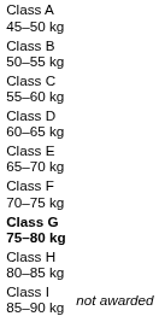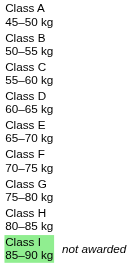 <table>
 <tr>
 <td rowspan=2>Class A<br>45–50 kg</td>
 <td rowspan=2></td>
 <td rowspan=2></td>
 <td></td>
 </tr>
 <tr>
 <td></td>
 </tr>
 <tr>
 <td rowspan=2>Class B<br>50–55 kg</td>
 <td rowspan=2></td>
 <td rowspan=2></td>
 <td></td>
 </tr>
 <tr>
 <td></td>
 </tr>
 <tr>
 <td rowspan=2>Class C<br>55–60 kg</td>
 <td rowspan=2></td>
 <td rowspan=2></td>
 <td></td>
 </tr>
 <tr>
 <td></td>
 </tr>
 <tr>
 <td rowspan=2>Class D<br>60–65 kg</td>
 <td rowspan=2></td>
 <td rowspan=2></td>
 <td></td>
 </tr>
 <tr>
 <td></td>
 </tr>
 <tr>
 <td rowspan=2>Class E<br>65–70 kg</td>
 <td rowspan=2></td>
 <td rowspan=2></td>
 <td></td>
 </tr>
 <tr>
 <td></td>
 </tr>
 <tr>
 <td rowspan=2>Class F<br>70–75 kg</td>
 <td rowspan=2></td>
 <td rowspan=2></td>
 <td></td>
 </tr>
 <tr>
 <td></td>
 </tr>
 <tr>
-<td><strong>Class G<br>75–80 kg</strong></td>
+<td>Class G<br>75–80 kg</td>
 <td></td>
 <td></td>
 <td></td>
 </tr>
 <tr>
 <td rowspan=2>Class H<br>80–85 kg</td>
 <td rowspan=2></td>
 <td rowspan=2></td>
 <td></td>
 </tr>
 <tr>
 <td></td>
 </tr>
 <tr>
-<td>Class I<br>85–90 kg</td>
+<td style="background: lightgreen;">Class I<br>85–90 kg</td>
 <td></td>
 <td></td>
 <td><em>not awarded</em></td>
 </tr>
 </table>
